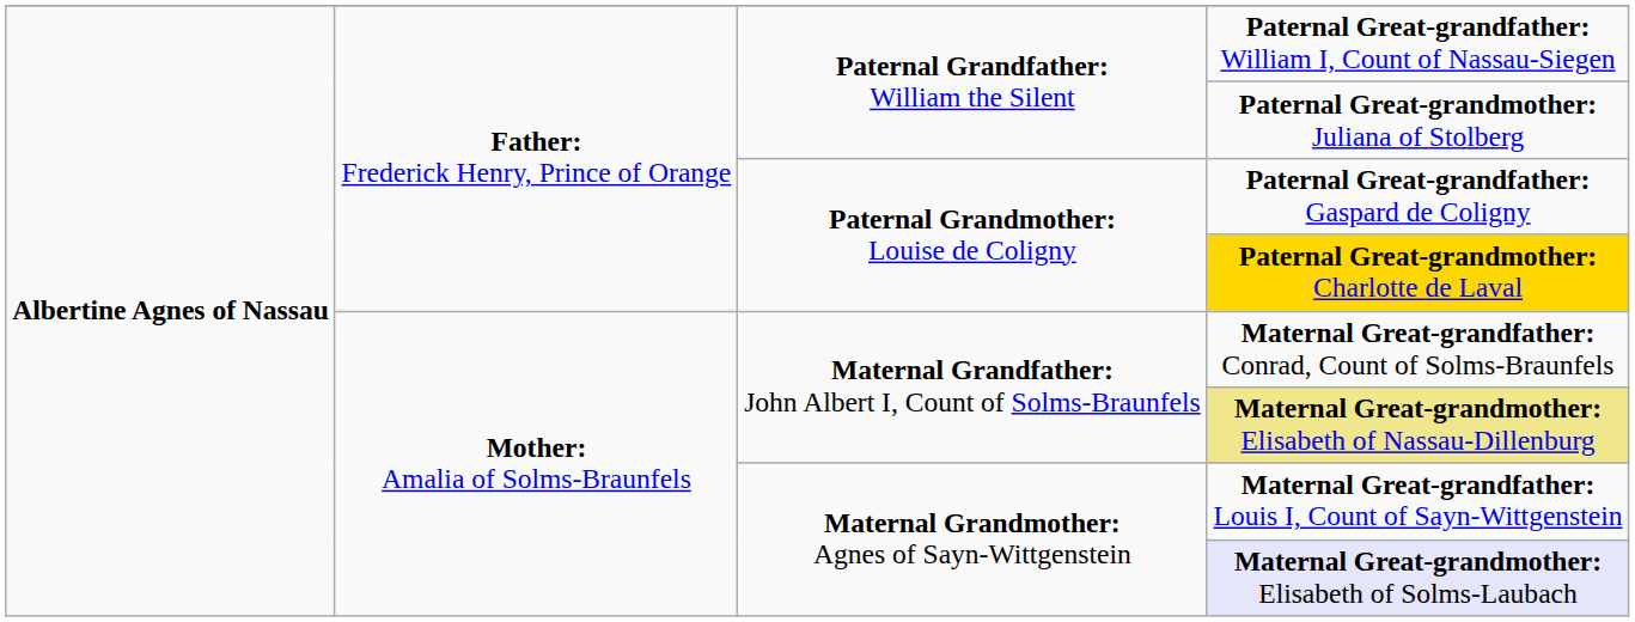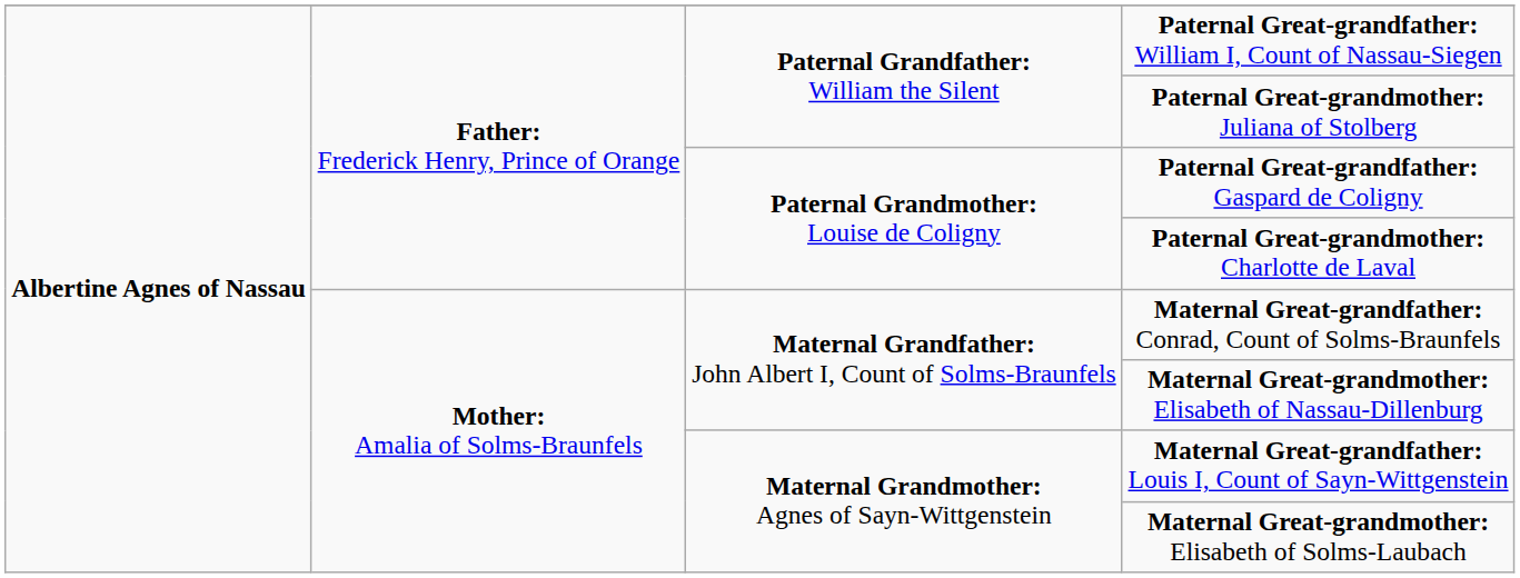 <table class="wikitable">
 <tr>
 </tr>
 <tr>
 <td rowspan="8" align="center"><strong>Albertine Agnes of Nassau</strong></td>
 <td rowspan="4" align="center"><strong>Father:</strong><br><a href='#'>Frederick Henry, Prince of Orange</a></td>
 <td rowspan="2" align="center"><strong>Paternal Grandfather:</strong><br><a href='#'>William the Silent</a></td>
 <td align="center"><strong>Paternal Great-grandfather:</strong><br><a href='#'>William I, Count of Nassau-Siegen</a></td>
 </tr>
 <tr>
 <td align="center"><strong>Paternal Great-grandmother:</strong><br><a href='#'>Juliana of Stolberg</a></td>
 </tr>
 <tr>
 <td rowspan="2" align="center"><strong>Paternal Grandmother:</strong><br><a href='#'>Louise de Coligny</a></td>
 <td align="center"><strong>Paternal Great-grandfather:</strong><br><a href='#'>Gaspard de Coligny</a></td>
 </tr>
 <tr>
-<td align="center" style="background: gold;"><strong>Paternal Great-grandmother:</strong><br><a href='#'>Charlotte de Laval</a></td>
+<td align="center"><strong>Paternal Great-grandmother:</strong><br><a href='#'>Charlotte de Laval</a></td>
 </tr>
 <tr>
 <td rowspan="4" align="center"><strong>Mother:</strong><br><a href='#'>Amalia of Solms-Braunfels</a></td>
 <td rowspan="2" align="center"><strong>Maternal Grandfather:</strong><br>John Albert I, Count of <a href='#'>Solms-Braunfels</a></td>
 <td align="center"><strong>Maternal Great-grandfather:</strong><br>Conrad, Count of Solms-Braunfels</td>
 </tr>
 <tr>
-<td align="center" style="background: khaki;"><strong>Maternal Great-grandmother:</strong><br><a href='#'>Elisabeth of Nassau-Dillenburg</a></td>
+<td align="center"><strong>Maternal Great-grandmother:</strong><br><a href='#'>Elisabeth of Nassau-Dillenburg</a></td>
 </tr>
 <tr>
 <td rowspan="2" align="center"><strong>Maternal Grandmother:</strong><br>Agnes of Sayn-Wittgenstein</td>
 <td align="center"><strong>Maternal Great-grandfather:</strong><br><a href='#'>Louis I, Count of Sayn-Wittgenstein</a></td>
 </tr>
 <tr>
-<td align="center" style="background: lavender;"><strong>Maternal Great-grandmother:</strong><br>Elisabeth of Solms-Laubach</td>
+<td align="center"><strong>Maternal Great-grandmother:</strong><br>Elisabeth of Solms-Laubach</td>
 </tr>
 </table>
